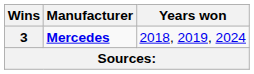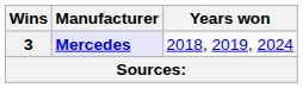 <table class="wikitable" style="font-size: 95%">
 <tr>
 <th>Wins</th>
 <th>Manufacturer</th>
 <th>Years won</th>
 </tr>
 <tr>
 <th rowspan=1>3</th>
-<td> <a href='#'><strong>Mercedes</strong></a></td>
+<td style="background: lavender;"> <a href='#'><strong>Mercedes</strong></a></td>
 <td><a href='#'>2018</a>, <a href='#'>2019</a>, <a href='#'>2024</a></td>
 </tr>
 <tr>
 <th colspan=3>Sources:</th>
 </tr>
 </table>
